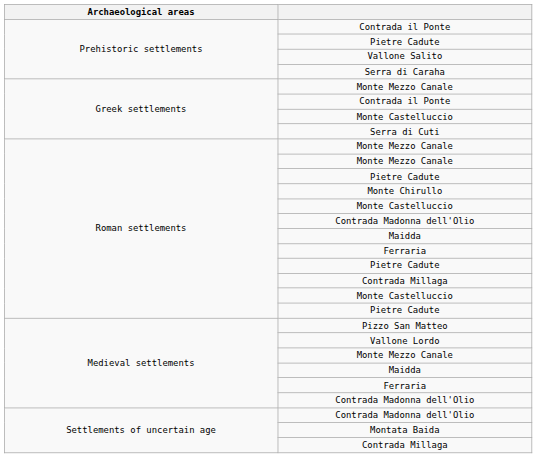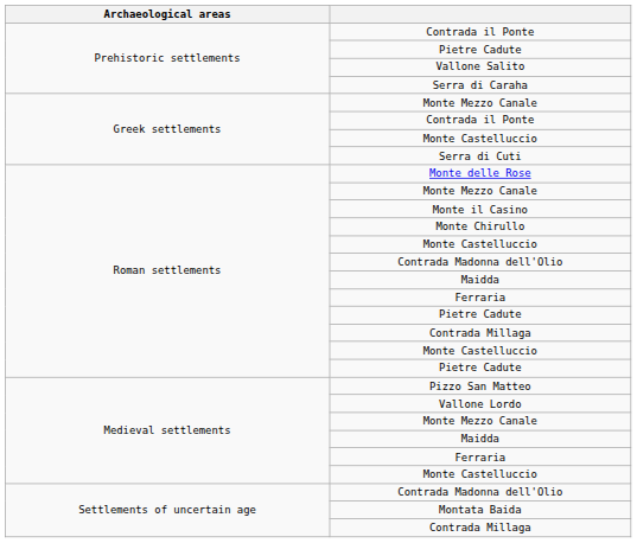 <table class="wikitable" style="font-size:90%;width:55%;text-align:center;">
 <tr bgcolor="#EFEFEF">
 <th> Archaeological areas</th>
 <th></th>
 </tr>
 <tr>
 <td rowspan="4"> Prehistoric settlements</td>
 <td>Contrada il Ponte</td>
 </tr>
 <tr>
 <td>Pietre Cadute</td>
 </tr>
 <tr>
 <td>Vallone Salito</td>
 </tr>
 <tr>
 <td>Serra di Caraha</td>
 </tr>
 <tr>
 <td rowspan="4"> Greek settlements</td>
 <td>Monte Mezzo Canale</td>
 </tr>
 <tr>
 <td>Contrada il Ponte</td>
 </tr>
 <tr>
 <td>Monte Castelluccio</td>
 </tr>
 <tr>
 <td>Serra di Cuti</td>
 </tr>
 <tr>
 <td rowspan="12"> Roman settlements</td>
-<td>Monte Mezzo Canale</td>
+<td><a href='#'>Monte delle Rose</a></td>
 </tr>
 <tr>
 <td>Monte Mezzo Canale</td>
 </tr>
 <tr>
-<td>Pietre Cadute</td>
+<td>Monte il Casino</td>
 </tr>
 <tr>
 <td>Monte Chirullo</td>
 </tr>
 <tr>
 <td>Monte Castelluccio</td>
 </tr>
 <tr>
 <td>Contrada Madonna dell'Olio</td>
 </tr>
 <tr>
 <td>Maidda</td>
 </tr>
 <tr>
 <td>Ferraria</td>
 </tr>
 <tr>
 <td>Pietre Cadute</td>
 </tr>
 <tr>
 <td>Contrada Millaga</td>
 </tr>
 <tr>
 <td>Monte Castelluccio</td>
 </tr>
 <tr>
 <td>Pietre Cadute</td>
 </tr>
 <tr>
 <td rowspan="6">Medieval settlements</td>
 <td>Pizzo San Matteo</td>
 </tr>
 <tr>
 <td>Vallone Lordo</td>
 </tr>
 <tr>
 <td>Monte Mezzo Canale</td>
 </tr>
 <tr>
 <td>Maidda</td>
 </tr>
 <tr>
 <td>Ferraria</td>
 </tr>
 <tr>
-<td>Contrada Madonna dell'Olio</td>
+<td>Monte Castelluccio</td>
 </tr>
 <tr>
 <td rowspan="3">Settlements of uncertain age</td>
 <td>Contrada Madonna dell'Olio</td>
 </tr>
 <tr>
 <td>Montata Baida</td>
 </tr>
 <tr>
 <td>Contrada Millaga</td>
 </tr>
 </table>
